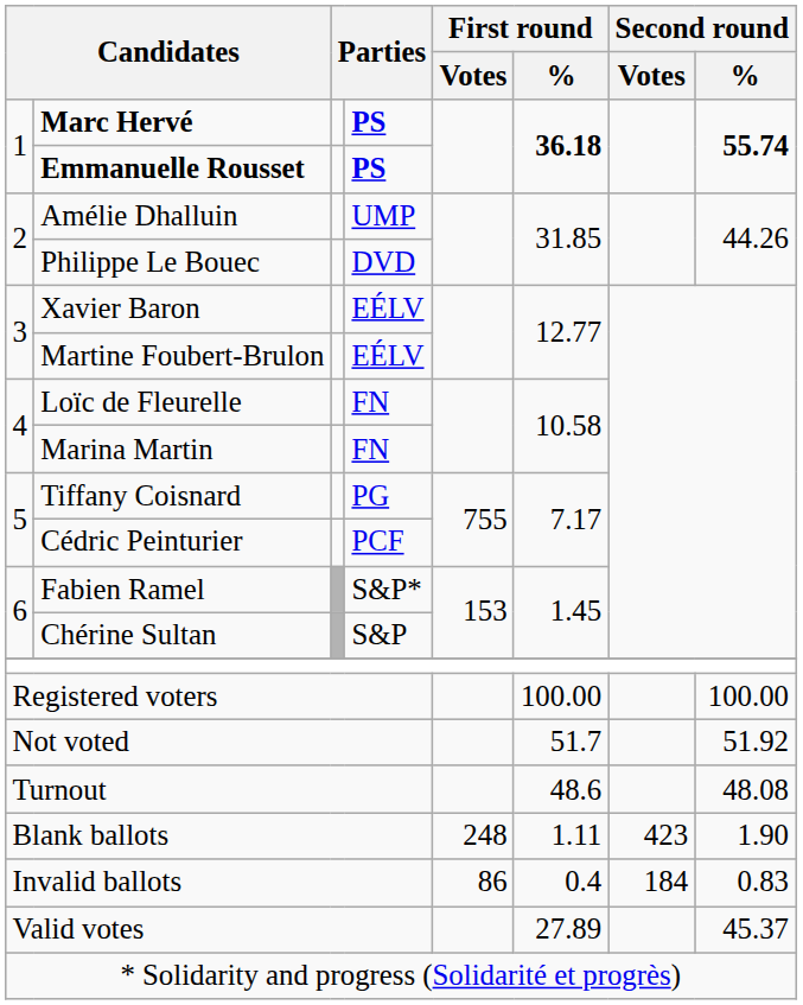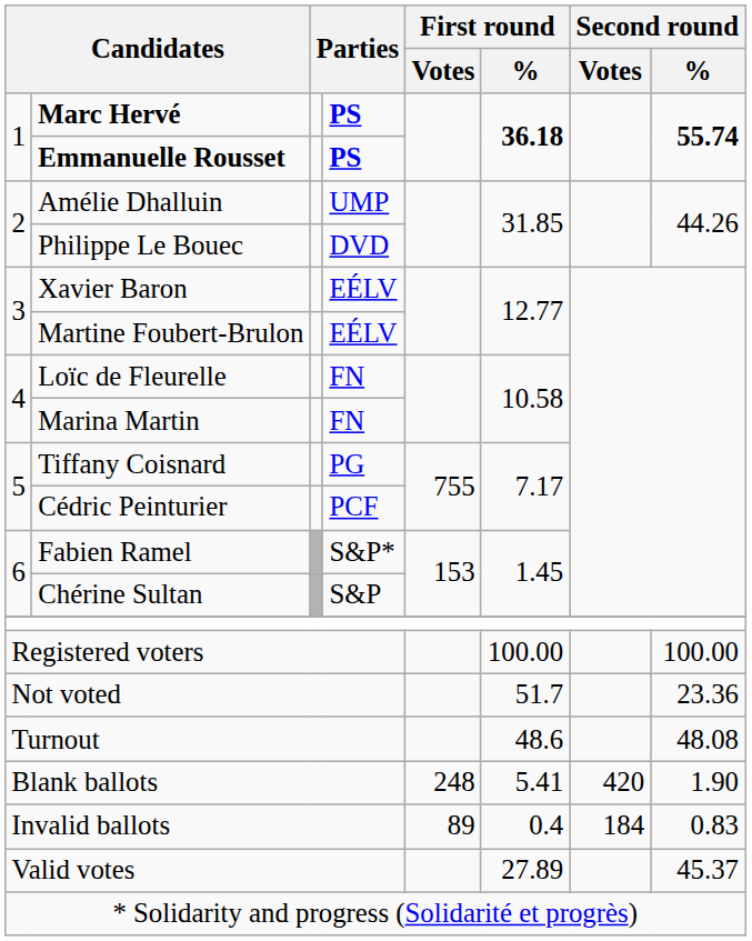 <table class="wikitable centre">
 <tr>
 <th scope="col" rowspan=2 colspan=2>Candidates</th>
 <th scope="col" rowspan=2 colspan=2>Parties</th>
 <th scope="col" colspan=2>First round</th>
 <th scope="col" colspan=2>Second round</th>
 </tr>
 <tr>
 <th scope="col">Votes</th>
 <th scope="col">%</th>
 <th scope="col">Votes</th>
 <th scope="col">%</th>
 </tr>
 <tr>
 <td rowspan=2>1</td>
 <td><strong>Marc Hervé</strong></td>
 <td style="background-color: "></td>
 <td><strong><a href='#'>PS</a></strong></td>
 <td rowspan=2 style="text-align: right"><strong></strong></td>
 <td rowspan=2 style="text-align: right"><strong>36.18</strong></td>
 <td rowspan=2 style="text-align: right"><strong></strong></td>
 <td rowspan=2 style="text-align: right"><strong>55.74</strong></td>
 </tr>
 <tr>
 <td><strong>Emmanuelle Rousset</strong></td>
 <td style="background-color: "></td>
 <td><strong><a href='#'>PS</a></strong></td>
 </tr>
 <tr>
 <td rowspan=2>2</td>
 <td>Amélie Dhalluin</td>
 <td style="background-color: "></td>
 <td><a href='#'>UMP</a></td>
 <td rowspan=2 style="text-align: right"></td>
 <td rowspan=2 style="text-align: right">31.85</td>
 <td rowspan=2 style="text-align: right"></td>
 <td rowspan=2 style="text-align: right">44.26</td>
 </tr>
 <tr>
 <td>Philippe Le Bouec</td>
 <td style="background-color: "></td>
 <td><a href='#'>DVD</a></td>
 </tr>
 <tr>
 <td rowspan=2>3</td>
 <td>Xavier Baron</td>
 <td style="background-color: "></td>
 <td><a href='#'>EÉLV</a></td>
 <td rowspan=2 style="text-align: right"></td>
 <td rowspan=2 style="text-align: right">12.77</td>
 <td colspan="2" rowspan="8" style="text-align: right"></td>
 </tr>
 <tr>
 <td>Martine Foubert-Brulon</td>
 <td style="background-color: "></td>
 <td><a href='#'>EÉLV</a></td>
 </tr>
 <tr>
 <td rowspan=2>4</td>
 <td>Loïc de Fleurelle</td>
 <td style="background-color: "></td>
 <td><a href='#'>FN</a></td>
 <td rowspan=2 style="text-align: right"></td>
 <td rowspan=2 style="text-align: right">10.58</td>
 </tr>
 <tr>
 <td>Marina Martin</td>
 <td style="background-color: "></td>
 <td><a href='#'>FN</a></td>
 </tr>
 <tr>
 <td rowspan=2>5</td>
 <td>Tiffany Coisnard</td>
 <td style="background-color: "></td>
 <td><a href='#'>PG</a></td>
 <td rowspan=2 style="text-align: right">755</td>
 <td rowspan=2 style="text-align: right">7.17</td>
 </tr>
 <tr>
 <td>Cédric Peinturier</td>
 <td style="background-color: "></td>
 <td><a href='#'>PCF</a></td>
 </tr>
 <tr>
 <td rowspan=2>6</td>
 <td>Fabien Ramel</td>
 <td style="background:#B3B3B3;"></td>
 <td>S&P*</td>
 <td rowspan=2 style="text-align: right">153</td>
 <td rowspan=2 style="text-align: right">1.45</td>
 </tr>
 <tr>
 <td>Chérine Sultan</td>
 <td style="background:#B3B3B3;"></td>
 <td>S&P</td>
 </tr>
 <tr>
 </tr>
 <tr bgcolor=white>
 <td colspan=8></td>
 </tr>
 <tr>
 <td colspan=4>Registered voters</td>
 <td style="text-align: right"></td>
 <td style="text-align: right">100.00</td>
 <td style="text-align: right"></td>
 <td style="text-align: right">100.00</td>
 </tr>
 <tr>
 <td colspan=4>Not voted</td>
 <td style="text-align: right"></td>
 <td style="text-align: right">51.7</td>
 <td style="text-align: right"></td>
-<td style="text-align: right">51.92</td>
+<td style="text-align: right">23.36</td>
 </tr>
 <tr>
 <td colspan=4>Turnout</td>
 <td style="text-align: right"></td>
 <td style="text-align: right">48.6</td>
 <td style="text-align: right"></td>
 <td style="text-align: right">48.08</td>
 </tr>
 <tr>
 <td colspan=4>Blank ballots</td>
 <td style="text-align: right">248</td>
-<td style="text-align: right">1.11</td>
-<td style="text-align: right">423</td>
+<td style="text-align: right">5.41</td>
+<td style="text-align: right">420</td>
 <td style="text-align: right">1.90</td>
 </tr>
 <tr>
 <td colspan=4>Invalid ballots</td>
-<td style="text-align: right">86</td>
+<td style="text-align: right">89</td>
 <td style="text-align: right">0.4</td>
 <td style="text-align: right">184</td>
 <td style="text-align: right">0.83</td>
 </tr>
 <tr>
 <td colspan=4>Valid votes</td>
 <td style="text-align: right"></td>
 <td style="text-align: right">27.89</td>
 <td style="text-align: right"></td>
 <td style="text-align: right">45.37</td>
 </tr>
 <tr>
 <td colspan=8 align=center>* Solidarity and progress (<a href='#'>Solidarité et progrès</a>)</td>
 </tr>
 </table>
